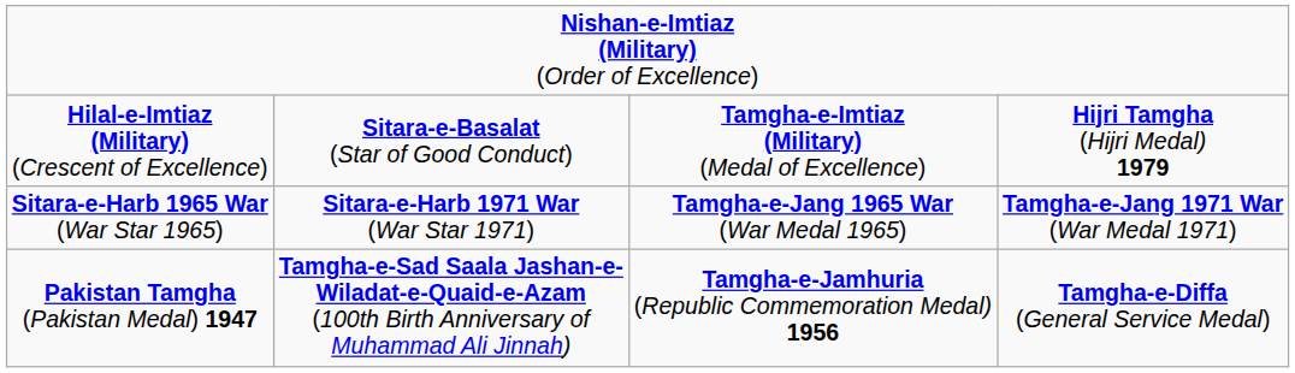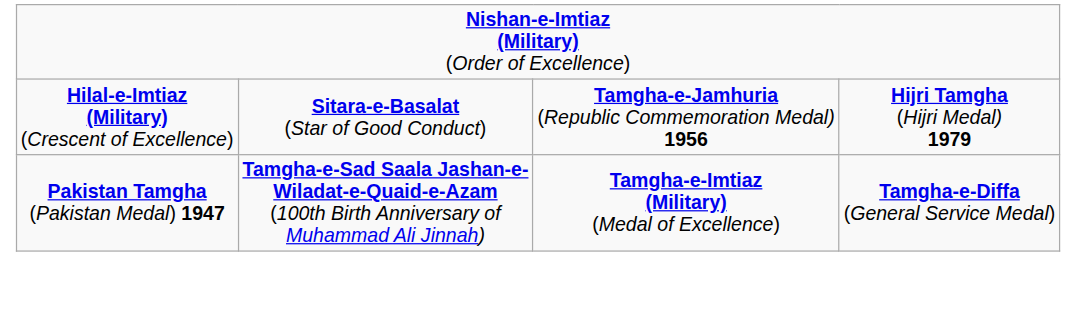 <table class="wikitable" style="margin:1em auto; text-align:center;">
 <tr>
 <td colspan="4"><strong><a href='#'>Nishan-e-Imtiaz</a></strong><br><strong><a href='#'>(Military)</a></strong><br>(<em>Order of Excellence</em>)</td>
 </tr>
 <tr>
 <td><strong><a href='#'>Hilal-e-Imtiaz</a></strong><br><strong><a href='#'>(Military)</a></strong><br>(<em>Crescent of Excellence</em>)</td>
 <td><strong><a href='#'>Sitara-e-Basalat</a></strong><br>(<em>Star of Good Conduct</em>)</td>
-<td><strong><a href='#'>Tamgha-e-Imtiaz</a></strong><br><strong><a href='#'>(Military)</a></strong><br>(<em>Medal of Excellence</em>)</td>
+<td><strong><a href='#'>Tamgha-e-Jamhuria</a></strong><br>(<em>Republic Commemoration Medal)</em><br><strong>1956</strong></td>
 <td><strong><a href='#'>Hijri Tamgha</a></strong><br>(<em>Hijri Medal)</em><br><strong>1979</strong></td>
-</tr>
-<tr>
-<td><strong><a href='#'>Sitara-e-Harb 1965 War</a></strong><br>(<em>War Star 1965</em>)</td>
-<td><strong><a href='#'>Sitara-e-Harb 1971 War</a></strong><br>(<em>War Star 1971</em>)</td>
-<td><strong><a href='#'>Tamgha-e-Jang 1965 War</a></strong><br>(<em>War Medal 1965</em>)</td>
-<td><strong><a href='#'>Tamgha-e-Jang 1971 War</a></strong><br>(<em>War Medal 1971</em>)</td>
 </tr>
 <tr>
 <td><strong><a href='#'>Pakistan Tamgha</a></strong><br>(<em>Pakistan Medal</em>) <strong>1947</strong></td>
 <td><strong><a href='#'>Tamgha-e-Sad Saala Jashan-e-</a></strong><br><strong><a href='#'>Wiladat-e-Quaid-e-Azam</a></strong><br>(<em>100th Birth Anniversary of</em><br><em><a href='#'>Muhammad Ali Jinnah</a>)</em></td>
-<td><strong><a href='#'>Tamgha-e-Jamhuria</a></strong><br>(<em>Republic Commemoration Medal)</em><br><strong>1956</strong></td>
+<td><strong><a href='#'>Tamgha-e-Imtiaz</a></strong><br><strong><a href='#'>(Military)</a></strong><br>(<em>Medal of Excellence</em>)</td>
 <td><strong><a href='#'>Tamgha-e-Diffa</a></strong><br>(<em>General Service Medal</em>)</td>
 </tr>
 </table>
